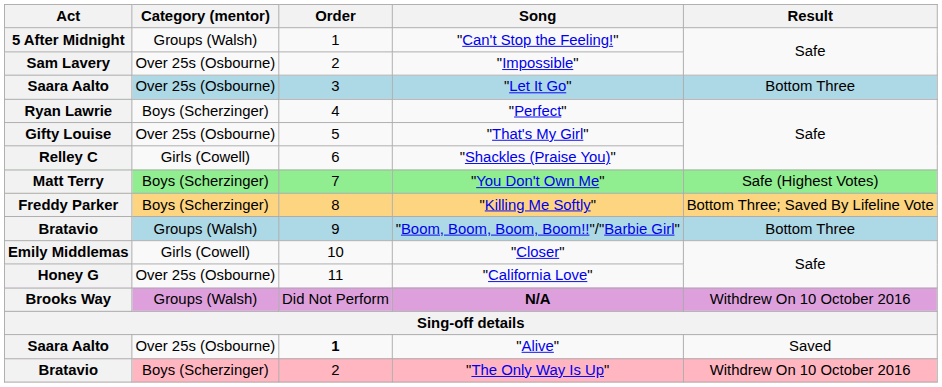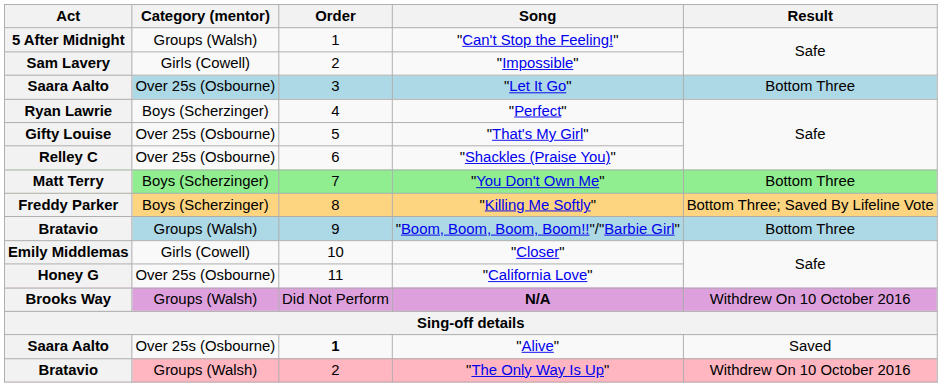 <table class="wikitable plainrowheaders" style="text-align:center;">
 <tr>
 <th scope="col">Act</th>
 <th scope="col">Category (mentor)</th>
 <th scope="col">Order</th>
 <th scope="col">Song</th>
 <th scope="col">Result</th>
 </tr>
 <tr>
 <th scope="row">5 After Midnight</th>
 <td>Groups (Walsh)</td>
 <td>1</td>
 <td>"<a href='#'>Can't Stop the Feeling!</a>"</td>
 <td rowspan=2>Safe</td>
 </tr>
 <tr>
 <th scope="row">Sam Lavery</th>
-<td>Over 25s (Osbourne)</td>
+<td>Girls (Cowell)</td>
 <td>2</td>
 <td>"<a href='#'>Impossible</a>"</td>
 </tr>
 <tr style="background:lightblue;">
 <th scope="row">Saara Aalto</th>
 <td>Over 25s (Osbourne)</td>
 <td>3</td>
 <td>"<a href='#'>Let It Go</a>"</td>
 <td>Bottom Three</td>
 </tr>
 <tr>
 <th scope="row">Ryan Lawrie</th>
 <td>Boys (Scherzinger)</td>
 <td>4</td>
 <td>"<a href='#'>Perfect</a>"</td>
 <td rowspan=3>Safe</td>
 </tr>
 <tr>
 <th scope="row">Gifty Louise</th>
 <td>Over 25s (Osbourne)</td>
 <td>5</td>
 <td>"<a href='#'>That's My Girl</a>"</td>
 </tr>
 <tr>
 <th scope="row">Relley C</th>
-<td>Girls (Cowell)</td>
+<td>Over 25s (Osbourne)</td>
 <td>6</td>
 <td>"<a href='#'>Shackles (Praise You)</a>"</td>
 </tr>
 <tr style="background:lightgreen;">
 <th scope="row">Matt Terry</th>
 <td>Boys (Scherzinger)</td>
 <td>7</td>
 <td>"<a href='#'>You Don't Own Me</a>"</td>
-<td>Safe (Highest Votes)</td>
+<td>Bottom Three</td>
 </tr>
 <tr style="background:#fdd581;">
 <th scope="row">Freddy Parker</th>
 <td>Boys (Scherzinger)</td>
 <td>8</td>
 <td>"<a href='#'>Killing Me Softly</a>"</td>
 <td>Bottom Three; Saved By Lifeline Vote</td>
 </tr>
 <tr style="background:lightblue;">
 <th scope="row">Bratavio</th>
 <td>Groups (Walsh)</td>
 <td>9</td>
 <td>"<a href='#'>Boom, Boom, Boom, Boom!!</a>"/"<a href='#'>Barbie Girl</a>"</td>
 <td>Bottom Three</td>
 </tr>
 <tr>
 <th scope="row">Emily Middlemas</th>
 <td>Girls (Cowell)</td>
 <td>10</td>
 <td>"<a href='#'>Closer</a>"</td>
 <td rowspan=2>Safe</td>
 </tr>
 <tr>
 <th scope="row">Honey G</th>
 <td>Over 25s (Osbourne)</td>
 <td>11</td>
 <td>"<a href='#'>California Love</a>"</td>
 </tr>
 <tr style="background:#DDA0DD;">
 <th scope="row">Brooks Way</th>
 <td>Groups (Walsh)</td>
 <td>Did Not Perform</td>
 <th style="background:#DDA0DD;">N/A</th>
 <td>Withdrew On 10 October 2016</td>
 </tr>
 <tr>
 <th colspan="5">Sing-off details</th>
 </tr>
 <tr>
 <th scope="row">Saara Aalto</th>
 <td>Over 25s (Osbourne)</td>
 <td><strong>1</strong></td>
 <td>"<a href='#'>Alive</a>"</td>
 <td>Saved</td>
 </tr>
 <tr style="background:lightpink;">
 <th scope="row">Bratavio</th>
-<td>Boys (Scherzinger)</td>
+<td>Groups (Walsh)</td>
 <td>2</td>
 <td>"<a href='#'>The Only Way Is Up</a>"</td>
 <td>Withdrew On 10 October 2016</td>
 </tr>
 </table>
